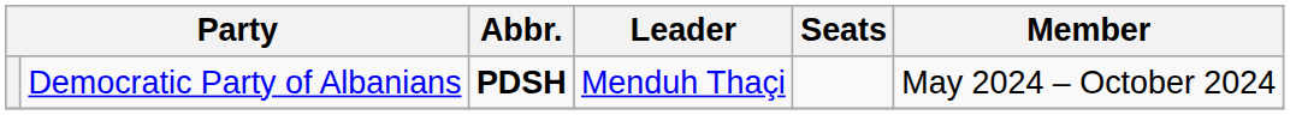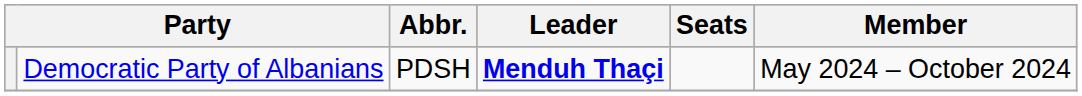 <table class="wikitable" style="text-align:left;">
 <tr>
 <th colspan=2>Party</th>
 <th>Abbr.</th>
 <th>Leader</th>
 <th>Seats</th>
 <th>Member</th>
 </tr>
 <tr>
 <th style="background-color:"></th>
 <td><a href='#'>Democratic Party of Albanians</a></td>
-<td><strong>PDSH</strong></td>
-<td><a href='#'>Menduh Thaçi</a></td>
+<td>PDSH</td>
+<td><strong><a href='#'>Menduh Thaçi</a></strong></td>
 <td></td>
 <td>May 2024 – October 2024</td>
 </tr>
 <tr>
 </tr>
 </table>
